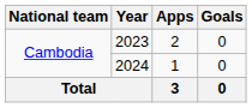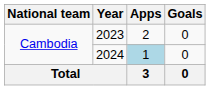 <table class="wikitable" style="text-align:center">
 <tr>
 <th>National team</th>
 <th>Year</th>
 <th>Apps</th>
 <th>Goals</th>
 </tr>
 <tr>
 <td rowspan="2"><a href='#'>Cambodia</a></td>
 <td>2023</td>
 <td>2</td>
 <td>0</td>
 </tr>
 <tr>
 <td>2024</td>
-<td>1</td>
+<td style="background: lightblue;">1</td>
 <td>0</td>
 </tr>
 <tr>
 <th colspan=2>Total</th>
 <th>3</th>
 <th>0</th>
 </tr>
 </table>
